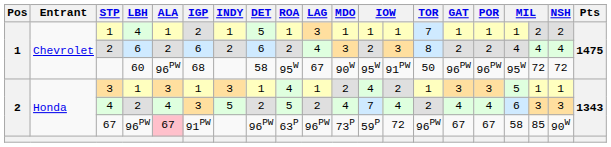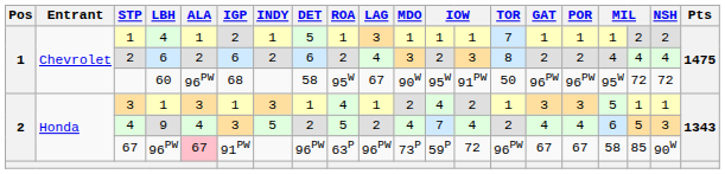 <table class="wikitable" style="font-size:85%;text-align:center">
 <tr>
 <th>Pos</th>
 <th>Entrant</th>
 <th><a href='#'>STP</a></th>
 <th><a href='#'>LBH</a></th>
 <th><a href='#'>ALA</a></th>
 <th><a href='#'>IGP</a></th>
 <th><a href='#'>INDY</a></th>
 <th><a href='#'>DET</a></th>
 <th><a href='#'>ROA</a></th>
 <th><a href='#'>LAG</a></th>
 <th><a href='#'>MDO</a></th>
 <th colspan="2"><a href='#'>IOW</a></th>
 <th><a href='#'>TOR</a></th>
 <th><a href='#'>GAT</a></th>
 <th><a href='#'>POR</a></th>
 <th colspan="2"><a href='#'>MIL</a></th>
 <th><a href='#'>NSH</a></th>
 <th>Pts</th>
 </tr>
 <tr>
 <th rowspan="3">1</th>
 <td rowspan="3" align="left"> <a href='#'>Chevrolet</a></td>
 <td style="background:#FFFFBF;">1</td>
 <td style="background:#DFFFDF;">4</td>
 <td style="background:#FFFFBF;">1</td>
 <td style="background:#DFDFDF;">2</td>
 <td style="background:#FFFFBF;">1</td>
 <td style="background:#DFFFDF;">5</td>
 <td style="background:#FFFFBF;">1</td>
 <td style="background:#FFDF9F;">3</td>
 <td style="background:#FFFFBF;">1</td>
 <td style="background:#FFFFBF;">1</td>
 <td style="background:#FFFFBF;">1</td>
 <td style="background:#CFEAFF;">7</td>
 <td style="background:#FFFFBF;">1</td>
 <td style="background:#FFFFBF;">1</td>
 <td style="background:#FFFFBF;">1</td>
 <td style="background:#DFDFDF;">2</td>
 <td style="background:#DFDFDF;">2</td>
 <th rowspan="3">1475</th>
 </tr>
 <tr>
 <td style="background:#DFDFDF;">2</td>
 <td style="background:#CFEAFF;">6</td>
 <td style="background:#DFDFDF;">2</td>
 <td style="background:#CFEAFF;">6</td>
 <td style="background:#DFDFDF;">2</td>
 <td style="background:#CFEAFF;">6</td>
 <td style="background:#DFDFDF;">2</td>
 <td style="background:#DFFFDF;">4</td>
 <td style="background:#FFDF9F;">3</td>
 <td style="background:#DFDFDF;">2</td>
 <td style="background:#FFDF9F;">3</td>
 <td style="background:#CFEAFF;">8</td>
 <td style="background:#DFDFDF;">2</td>
 <td style="background:#DFDFDF;">2</td>
 <td style="background:#DFDFDF;">4</td>
 <td style="background:#DFFFDF;">4</td>
 <td style="background:#DFFFDF;">4</td>
 </tr>
 <tr>
 <td></td>
 <td>60</td>
 <td>96<sup>PW</sup></td>
 <td>68</td>
 <td></td>
 <td>58</td>
 <td>95<sup>W</sup></td>
 <td>67</td>
 <td>90<sup>W</sup></td>
 <td>95<sup>W</sup></td>
 <td>91<sup>PW</sup></td>
 <td>50</td>
 <td>96<sup>PW</sup></td>
 <td>96<sup>PW</sup></td>
 <td>95<sup>W</sup></td>
 <td>72</td>
 <td>72</td>
 </tr>
 <tr>
 <th rowspan="3">2</th>
 <td rowspan="3" align="left"> <a href='#'>Honda</a></td>
 <td style="background:#FFDF9F;">3</td>
 <td style="background:#FFFFBF;">1</td>
 <td style="background:#FFDF9F;">3</td>
 <td style="background:#FFFFBF;">1</td>
 <td style="background:#FFDF9F;">3</td>
 <td style="background:#FFFFBF;">1</td>
 <td style="background:#DFFFDF;">4</td>
 <td style="background:#FFFFBF;">1</td>
 <td style="background:#DFDFDF;">2</td>
 <td style="background:#DFFFDF;">4</td>
 <td style="background:#DFDFDF;">2</td>
 <td style="background:#FFFFBF;">1</td>
 <td style="background:#FFDF9F;">3</td>
 <td style="background:#FFDF9F;">3</td>
 <td style="background:#DFFFDF;">5</td>
 <td style="background:#FFFFBF;">1</td>
 <td style="background:#FFFFBF;">1</td>
 <th rowspan="3">1343</th>
 </tr>
 <tr>
 <td style="background:#DFFFDF;">4</td>
-<td style="background:#DFDFDF;">2</td>
+<td style="background:#DFDFDF;">9</td>
 <td style="background:#DFFFDF;">4</td>
 <td style="background:#FFDF9F;">3</td>
 <td style="background:#DFFFDF;">5</td>
 <td style="background:#DFDFDF;">2</td>
 <td style="background:#DFFFDF;">5</td>
 <td style="background:#DFDFDF;">2</td>
 <td style="background:#DFFFDF;">4</td>
 <td style="background:#CFEAFF;">7</td>
 <td style="background:#DFFFDF;">4</td>
 <td style="background:#DFDFDF;">2</td>
 <td style="background:#DFFFDF;">4</td>
 <td style="background:#DFFFDF;">4</td>
 <td style="background:#CFEAFF;">6</td>
-<td style="background:#FFDF9F;">3</td>
+<td style="background:#FFDF9F;">5</td>
 <td style="background:#FFDF9F;">3</td>
 </tr>
 <tr>
 <td>67</td>
 <td>96<sup>PW</sup></td>
 <td style="background: pink;">67</td>
 <td>91<sup>PW</sup></td>
 <td></td>
 <td>96<sup>PW</sup></td>
 <td>63<sup>P</sup></td>
 <td>96<sup>PW</sup></td>
 <td>73<sup>P</sup></td>
 <td>59<sup>P</sup></td>
 <td>72</td>
 <td>96<sup>PW</sup></td>
 <td>67</td>
 <td>67</td>
 <td>58</td>
 <td>85</td>
 <td>90<sup>W</sup></td>
 </tr>
 <tr>
 <th colspan=5></th>
 <th></th>
 <th></th>
 <th></th>
 <th colspan=4></th>
 <th></th>
 <th></th>
 <th></th>
 <th></th>
 <th></th>
 <th></th>
 <th></th>
 <th colspan=99></th>
 </tr>
 </table>
